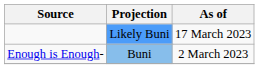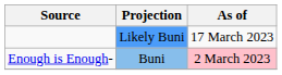 <table class="wikitable" style="text-align:center">
 <tr>
 <th>Source</th>
 <th colspan=2>Projection</th>
 <th>As of</th>
 </tr>
 <tr>
 <td align="left"></td>
 <td colspan=2 bgcolor=#4b9cf9>Likely Buni</td>
 <td>17 March 2023</td>
 </tr>
 <tr>
 <td align="left"><a href='#'>Enough is Enough</a>-<br></td>
 <td colspan=2 bgcolor=#87BEEB>Buni</td>
-<td>2 March 2023</td>
+<td style="background: pink;">2 March 2023</td>
 </tr>
 <tr>
 </tr>
 </table>
